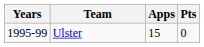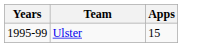 <table class="wikitable" style="text-align:left;">
 <tr>
 <th>Years</th>
 <th width=120px>Team</th>
 <th>Apps</th>
-<th>Pts</th>
 </tr>
 <tr>
 <td>1995-99</td>
 <td><a href='#'>Ulster</a></td>
 <td>15</td>
-<td>0</td>
 </tr>
 </table>
